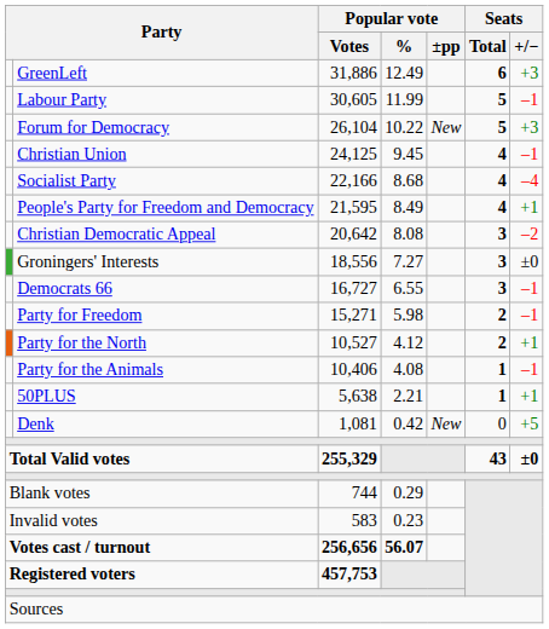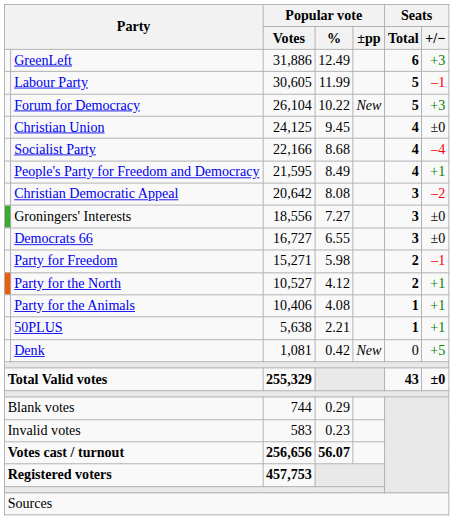 <table class="wikitable" style="text-align:right;">
 <tr>
 <th colspan=2 rowspan=2>Party</th>
 <th colspan=3>Popular vote</th>
 <th colspan=2>Seats</th>
 </tr>
 <tr>
 <th>Votes</th>
 <th>%</th>
 <th>±pp</th>
 <th>Total</th>
 <th>+/−</th>
 </tr>
 <tr>
 <td style="color:inherit;background:"></td>
 <td align="left"><a href='#'>GreenLeft</a></td>
 <td>31,886</td>
 <td>12.49</td>
 <td></td>
 <td><strong>6</strong></td>
 <td style="color:green;">+3</td>
 </tr>
 <tr>
 <td style="color:inherit;background:"></td>
 <td align="left"><a href='#'>Labour Party</a></td>
 <td>30,605</td>
 <td>11.99</td>
 <td></td>
 <td><strong>5</strong></td>
 <td style="color:red;">–1</td>
 </tr>
 <tr>
 <td style="color:inherit;background:"></td>
 <td align="left"><a href='#'>Forum for Democracy</a></td>
 <td>26,104</td>
 <td>10.22</td>
 <td><em>New</em></td>
 <td><strong>5</strong></td>
 <td style="color:green;">+3</td>
 </tr>
 <tr>
 <td style="color:inherit;background:"></td>
 <td align="left"><a href='#'>Christian Union</a></td>
 <td>24,125</td>
 <td>9.45</td>
 <td></td>
 <td><strong>4</strong></td>
-<td style="color:red;">–1</td>
+<td>±0</td>
 </tr>
 <tr>
 <td style="color:inherit;background:"></td>
 <td align="left"><a href='#'>Socialist Party</a></td>
 <td>22,166</td>
 <td>8.68</td>
 <td></td>
 <td><strong>4</strong></td>
 <td style="color:red;">–4</td>
 </tr>
 <tr>
 <td style="color:inherit;background:"></td>
 <td align="left"><a href='#'>People's Party for Freedom and Democracy</a></td>
 <td>21,595</td>
 <td>8.49</td>
 <td></td>
 <td><strong>4</strong></td>
 <td style="color:green;">+1</td>
 </tr>
 <tr>
 <td style="color:inherit;background:"></td>
 <td align="left"><a href='#'>Christian Democratic Appeal</a></td>
 <td>20,642</td>
 <td>8.08</td>
 <td></td>
 <td><strong>3</strong></td>
 <td style="color:red;">–2</td>
 </tr>
 <tr>
 <td style="color:inherit;background:#3aaa35"></td>
 <td align="left">Groningers' Interests</td>
 <td>18,556</td>
 <td>7.27</td>
 <td></td>
 <td><strong>3</strong></td>
 <td>±0</td>
 </tr>
 <tr>
 <td style="color:inherit;background:"></td>
 <td align="left"><a href='#'>Democrats 66</a></td>
 <td>16,727</td>
 <td>6.55</td>
 <td></td>
 <td><strong>3</strong></td>
-<td style="color:red;">–1</td>
+<td>±0</td>
 </tr>
 <tr>
 <td style="color:inherit;background:"></td>
 <td align="left"><a href='#'>Party for Freedom</a></td>
 <td>15,271</td>
 <td>5.98</td>
 <td></td>
 <td><strong>2</strong></td>
 <td style="color:red;">–1</td>
 </tr>
 <tr>
 <td style="color:inherit;background:#e75f0e"></td>
 <td align="left"><a href='#'>Party for the North</a></td>
 <td>10,527</td>
 <td>4.12</td>
 <td></td>
 <td><strong>2</strong></td>
 <td style="color:green;">+1</td>
 </tr>
 <tr>
 <td style="color:inherit;background:"></td>
 <td align="left"><a href='#'>Party for the Animals</a></td>
 <td>10,406</td>
 <td>4.08</td>
 <td></td>
 <td><strong>1</strong></td>
-<td style="color:red;">–1</td>
+<td style="color:green;">+1</td>
 </tr>
 <tr>
 <td style="color:inherit;background:"></td>
 <td align="left"><a href='#'>50PLUS</a></td>
 <td>5,638</td>
 <td>2.21</td>
 <td></td>
 <td><strong>1</strong></td>
 <td style="color:green;">+1</td>
 </tr>
 <tr>
 <td style="color:inherit;background:"></td>
 <td align="left"><a href='#'>Denk</a></td>
 <td>1,081</td>
 <td>0.42</td>
 <td><em>New</em></td>
 <td>0</td>
 <td style="color:green;">+5</td>
 </tr>
 <tr>
 <td colspan="7" style="color:inherit;background:#E9E9E9"></td>
 </tr>
 <tr style="font-weight:bold;">
 <td align="left" colspan="2">Total Valid votes</td>
 <td>255,329</td>
 <td bgcolor="#E9E9E9" colspan="2"></td>
 <td>43</td>
 <td>±0</td>
 </tr>
 <tr>
 <td colspan="7" style="color:inherit;background:#E9E9E9"></td>
 </tr>
 <tr>
 <td align="left" colspan="2">Blank votes</td>
 <td>744</td>
 <td>0.29</td>
 <td></td>
 <td bgcolor="#E9E9E9" colspan="2" rowspan="5"></td>
 </tr>
 <tr>
 <td align="left" colspan="2">Invalid votes</td>
 <td>583</td>
 <td>0.23</td>
 <td></td>
 </tr>
 <tr style="font-weight:bold;">
 <td align="left" colspan="2">Votes cast / turnout</td>
 <td>256,656</td>
 <td>56.07</td>
 <td></td>
 </tr>
 <tr style="font-weight:bold;">
 <td align="left" colspan="2">Registered voters</td>
 <td>457,753</td>
 <td bgcolor="#E9E9E9" colspan="2"></td>
 </tr>
 <tr>
 <td colspan="7" style="color:inherit;background:#E9E9E9"></td>
 </tr>
 <tr>
 <td align="left" colspan="7">Sources </td>
 </tr>
 </table>
